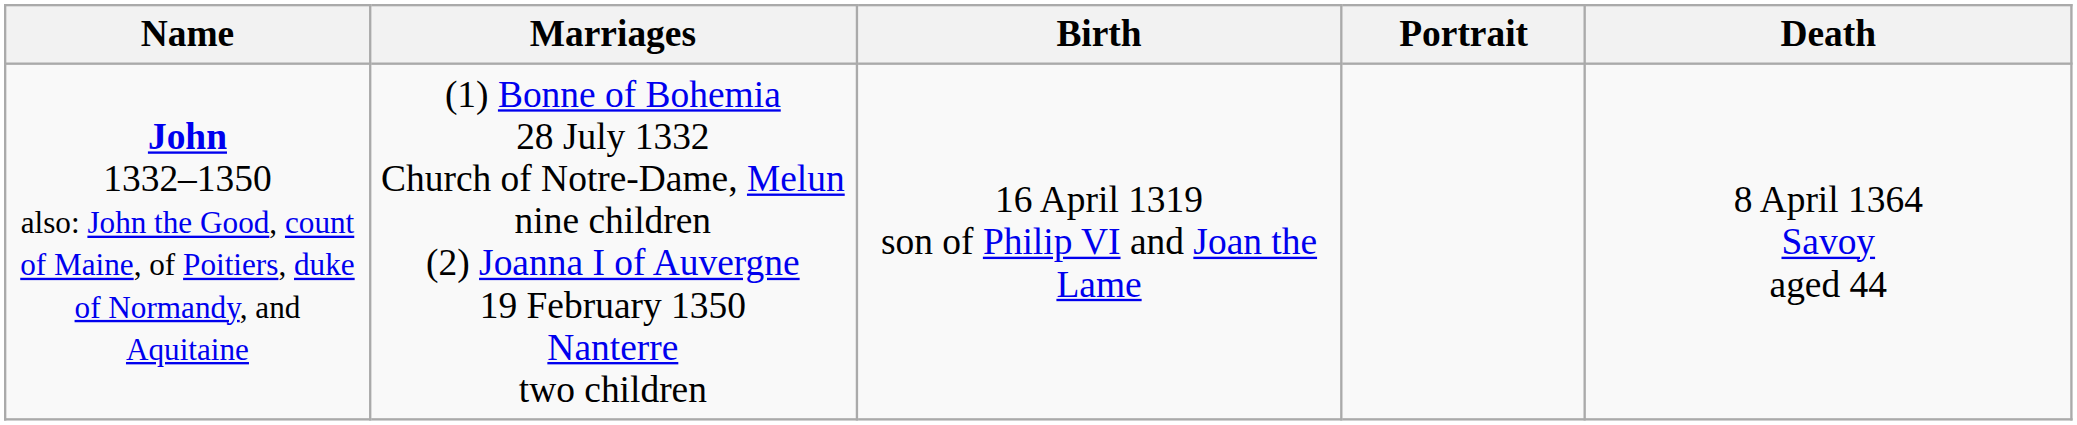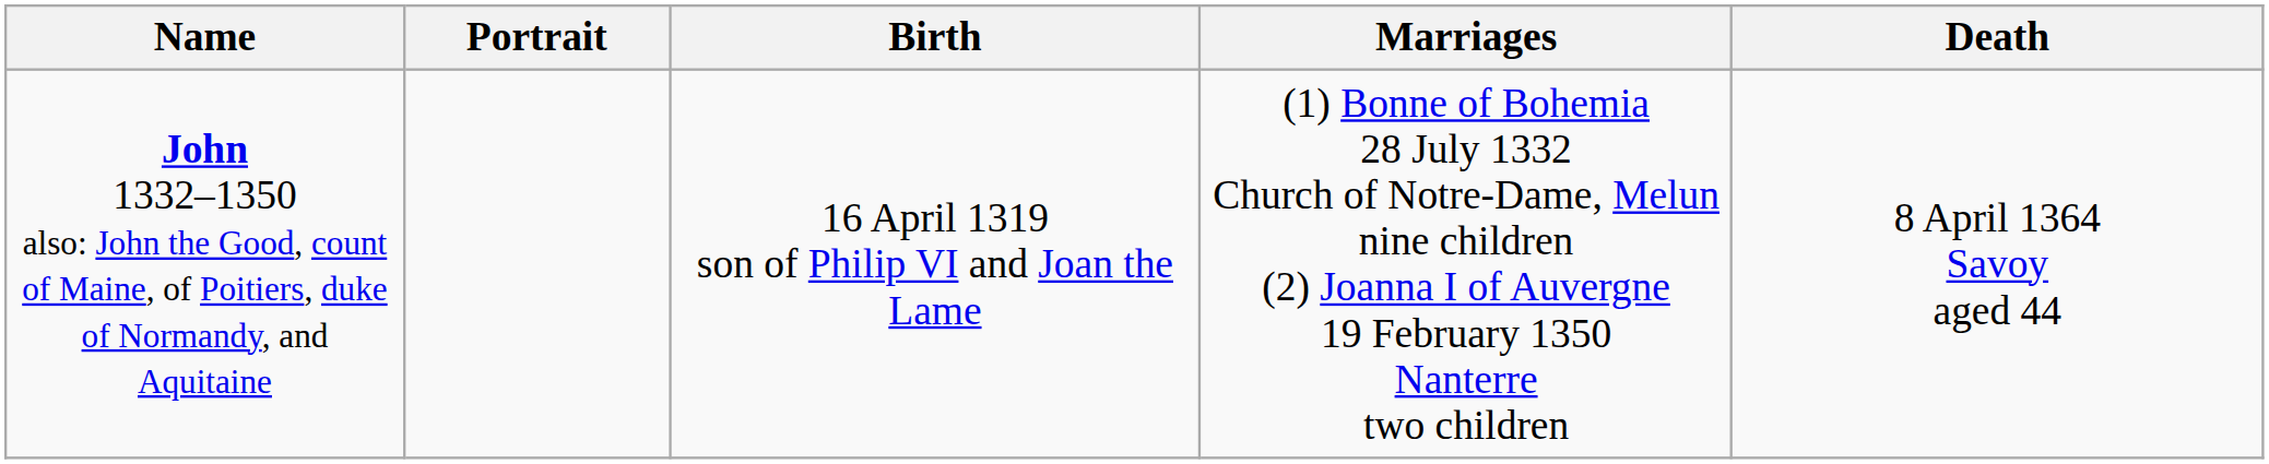 <table style="text-align:center; width:100%" class="wikitable">
 <tr>
 <th style="width:15%;">Name</th>
+<th style="width:10%;">Portrait</th>
+<th style="width:20%;">Birth</th>
 <th style="width:20%;">Marriages</th>
-<th style="width:20%;">Birth</th>
-<th style="width:10%;">Portrait</th>
 <th style="width:20%;">Death</th>
 </tr>
 <tr>
 <td width=auto><strong><a href='#'>John</a></strong><br>1332–1350<br><small>also: <a href='#'>John the Good</a>, <a href='#'>count of Maine</a>, of <a href='#'>Poitiers</a>, <a href='#'>duke of Normandy</a>, and <a href='#'>Aquitaine</a></small></td>
+<td></td>
+<td>16 April 1319<br>son of <a href='#'>Philip VI</a> and <a href='#'>Joan the Lame</a></td>
 <td>(1) <a href='#'>Bonne of Bohemia</a><br>28 July 1332<br>Church of Notre-Dame, <a href='#'>Melun</a><br>nine children<br>(2) <a href='#'>Joanna I of Auvergne</a><br>19 February 1350<br><a href='#'>Nanterre</a><br>two children</td>
-<td>16 April 1319<br>son of <a href='#'>Philip VI</a> and <a href='#'>Joan the Lame</a></td>
-<td></td>
 <td>8 April 1364<br><a href='#'>Savoy</a><br>aged 44</td>
 </tr>
 </table>
